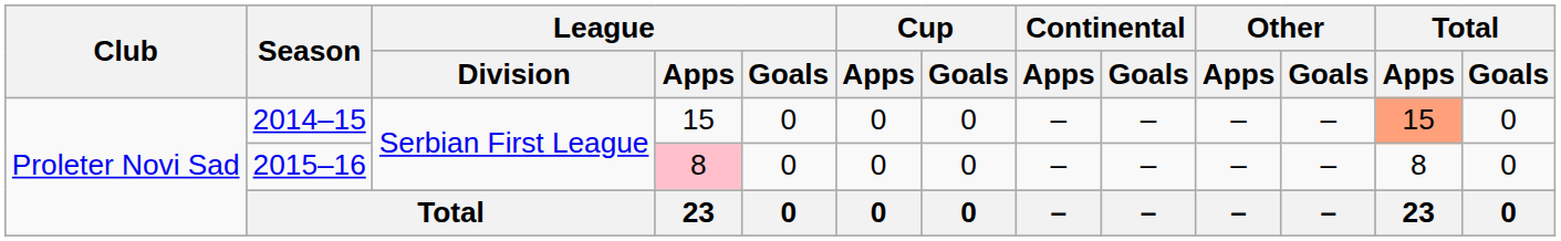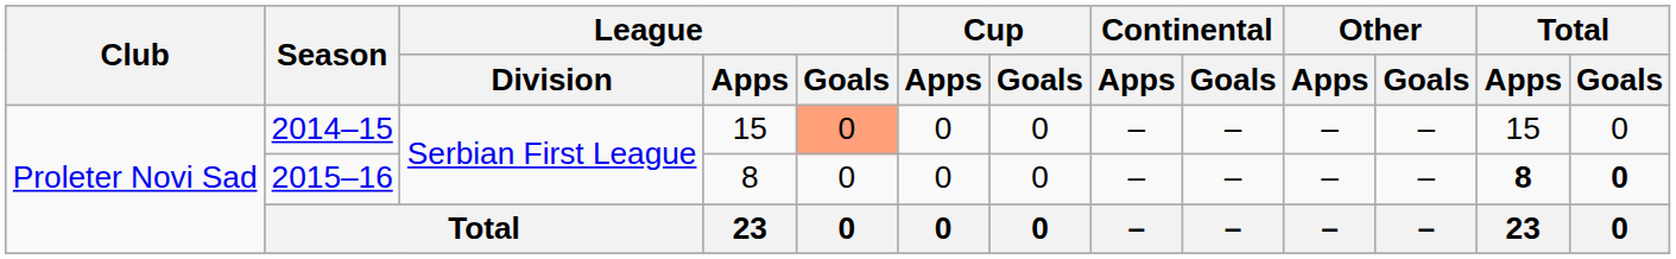 <table class="wikitable" style="text-align: center;">
 <tr>
 <th rowspan="2">Club</th>
 <th rowspan="2">Season</th>
 <th colspan="3">League</th>
 <th colspan="2">Cup</th>
 <th colspan="2">Continental</th>
 <th colspan="2">Other</th>
 <th colspan="2">Total</th>
 </tr>
 <tr>
 <th>Division</th>
 <th>Apps</th>
 <th>Goals</th>
 <th>Apps</th>
 <th>Goals</th>
 <th>Apps</th>
 <th>Goals</th>
 <th>Apps</th>
 <th>Goals</th>
 <th>Apps</th>
 <th>Goals</th>
 </tr>
 <tr>
 <td rowspan="3" valign="center"><a href='#'>Proleter Novi Sad</a></td>
 <td><a href='#'>2014–15</a></td>
 <td rowspan=2><a href='#'>Serbian First League</a></td>
 <td>15</td>
+<td style="background: lightsalmon;">0</td>
+<td>0</td>
+<td>0</td>
+<td>–</td>
+<td>–</td>
+<td>–</td>
+<td>–</td>
+<td>15</td>
+<td>0</td>
+</tr>
+<tr>
+<td><a href='#'>2015–16</a></td>
+<td>8</td>
 <td>0</td>
 <td>0</td>
 <td>0</td>
 <td>–</td>
 <td>–</td>
 <td>–</td>
 <td>–</td>
-<td style="background: lightsalmon;">15</td>
-<td>0</td>
-</tr>
-<tr>
-<td><a href='#'>2015–16</a></td>
-<td style="background: pink;">8</td>
-<td>0</td>
-<td>0</td>
-<td>0</td>
-<td>–</td>
-<td>–</td>
-<td>–</td>
-<td>–</td>
-<td>8</td>
-<td>0</td>
+<td><strong>8</strong></td>
+<td><strong>0</strong></td>
 </tr>
 <tr>
 <th colspan="2">Total</th>
 <th>23</th>
 <th>0</th>
 <th>0</th>
 <th>0</th>
 <th>–</th>
 <th>–</th>
 <th>–</th>
 <th>–</th>
 <th>23</th>
 <th>0</th>
 </tr>
 </table>
